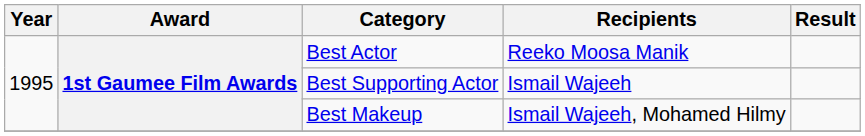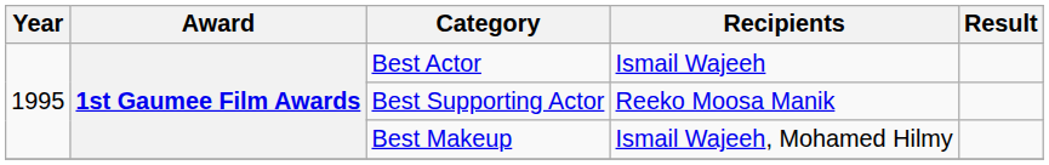 <table class="wikitable plainrowheaders sortable">
 <tr>
 <th>Year</th>
 <th scope="col">Award</th>
 <th scope="col">Category</th>
 <th scope="col">Recipients</th>
 <th scope="col">Result</th>
 </tr>
 <tr>
 <td rowspan="3">1995</td>
 <th scope="row" rowspan="3"><a href='#'>1st Gaumee Film Awards</a></th>
 <td><a href='#'>Best Actor</a></td>
-<td><a href='#'>Reeko Moosa Manik</a></td>
+<td><a href='#'>Ismail Wajeeh</a></td>
 <td></td>
 </tr>
 <tr>
 <td><a href='#'>Best Supporting Actor</a></td>
-<td><a href='#'>Ismail Wajeeh</a></td>
+<td><a href='#'>Reeko Moosa Manik</a></td>
 <td></td>
 </tr>
 <tr>
 <td><a href='#'>Best Makeup</a></td>
 <td><a href='#'>Ismail Wajeeh</a>, Mohamed Hilmy</td>
 <td></td>
 </tr>
 <tr>
 </tr>
 </table>
